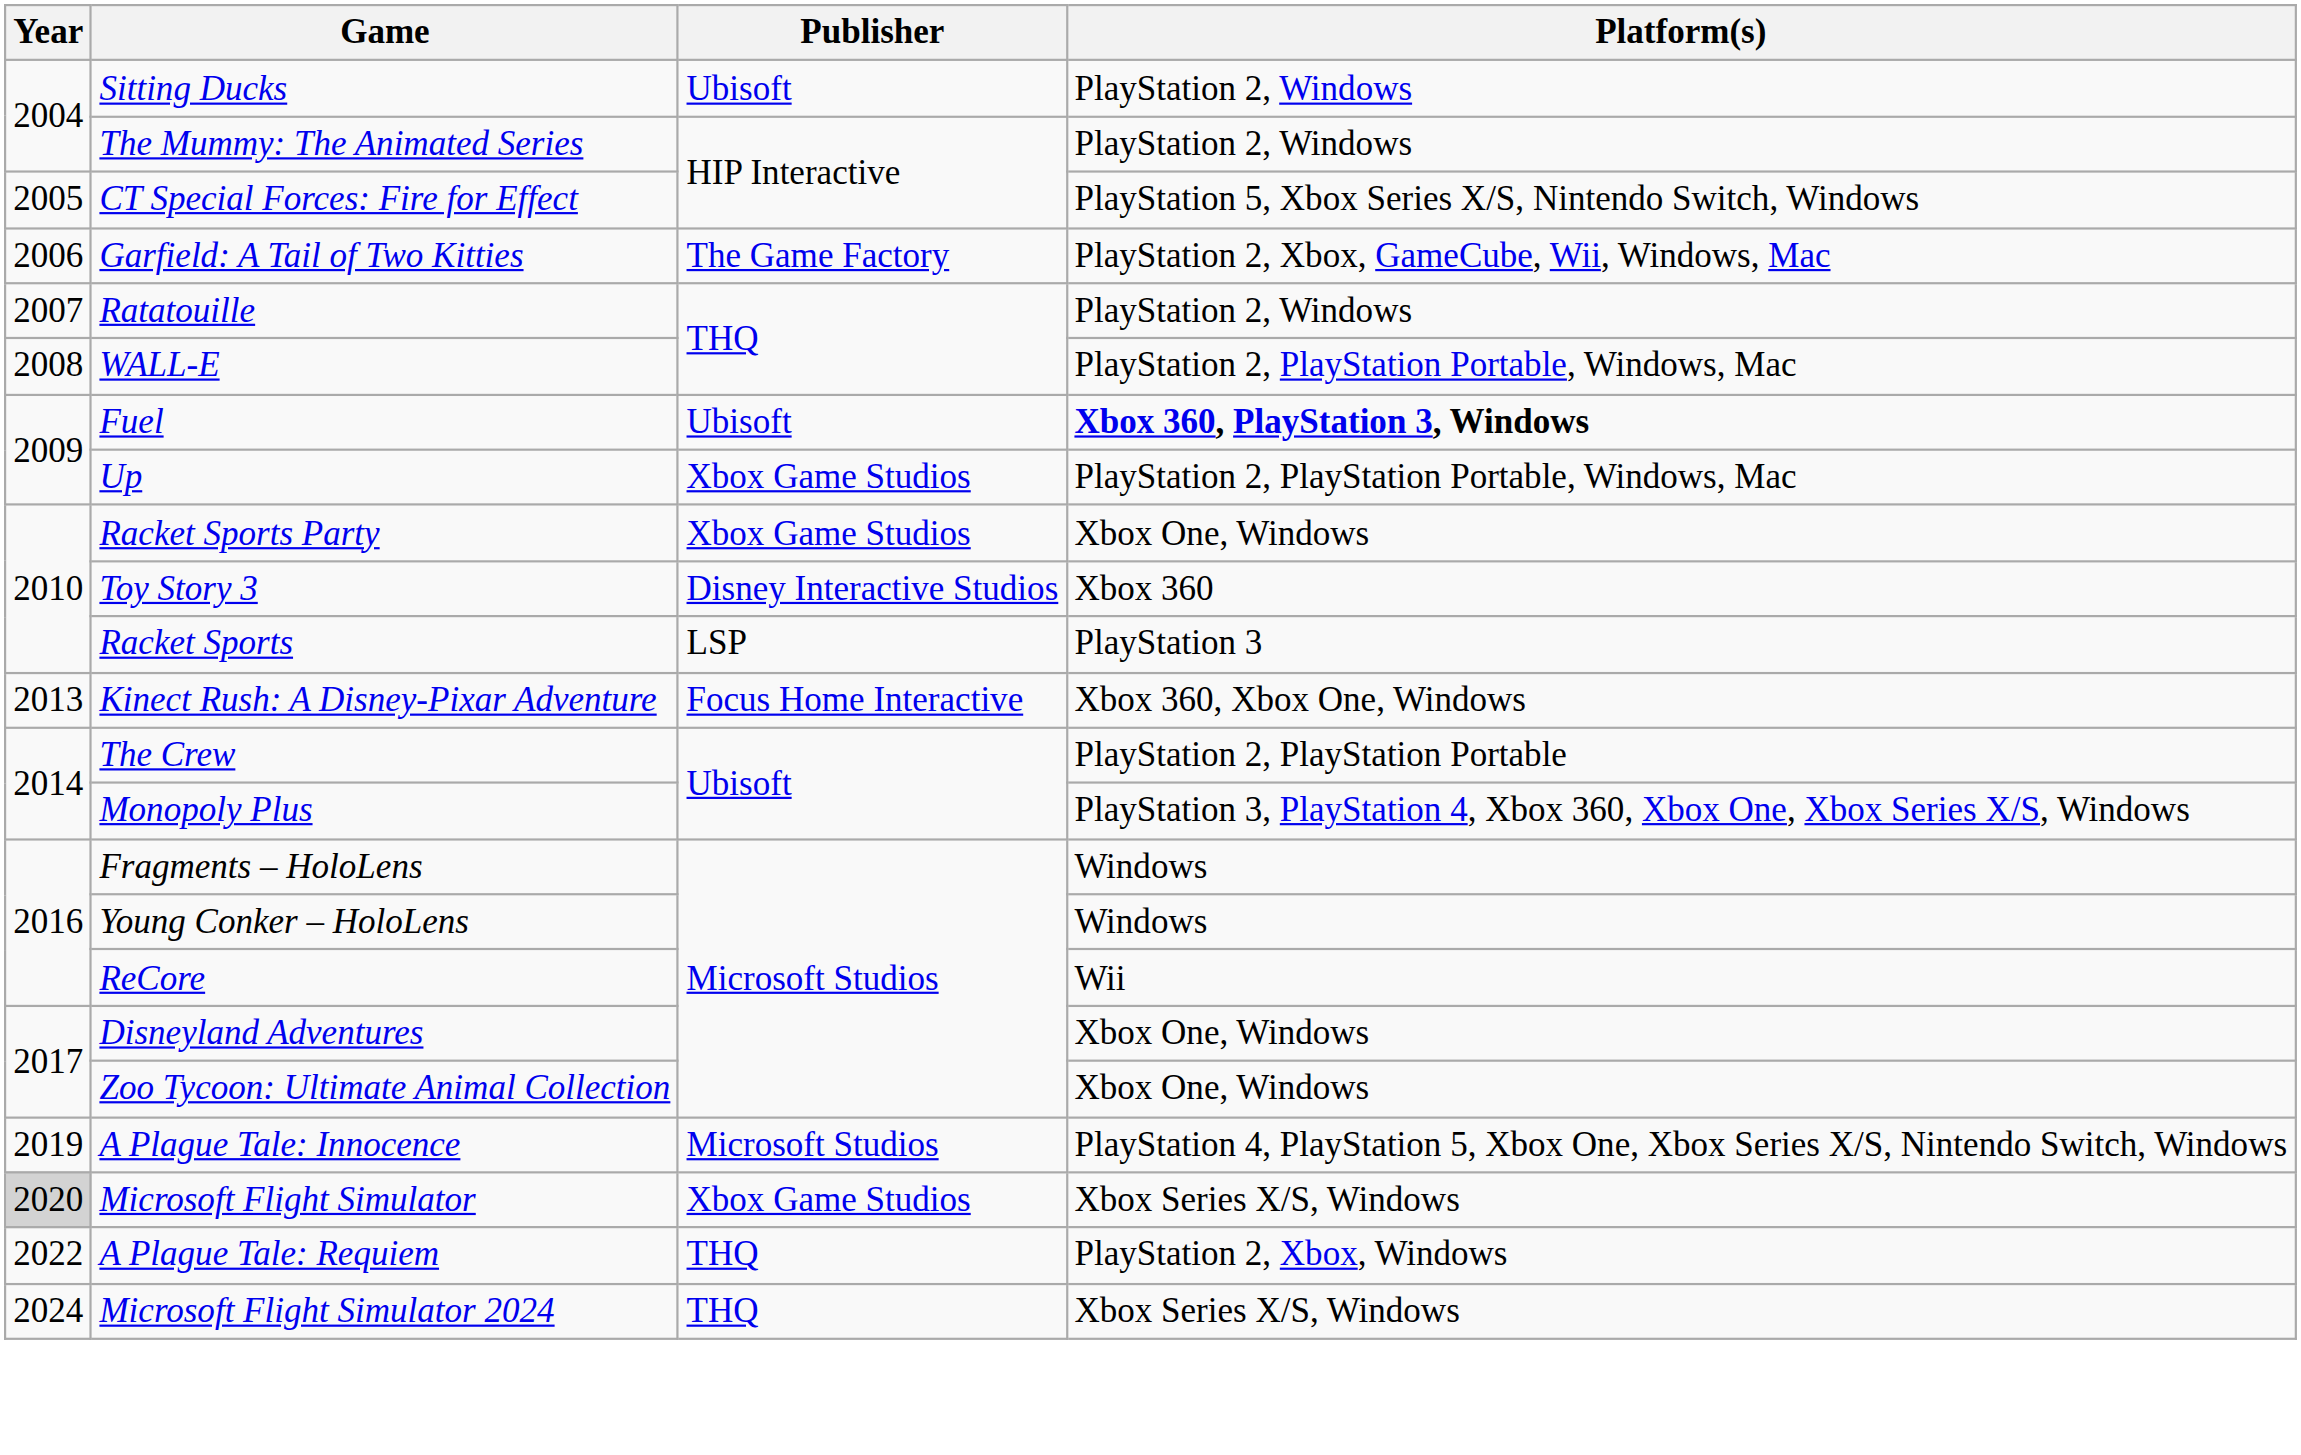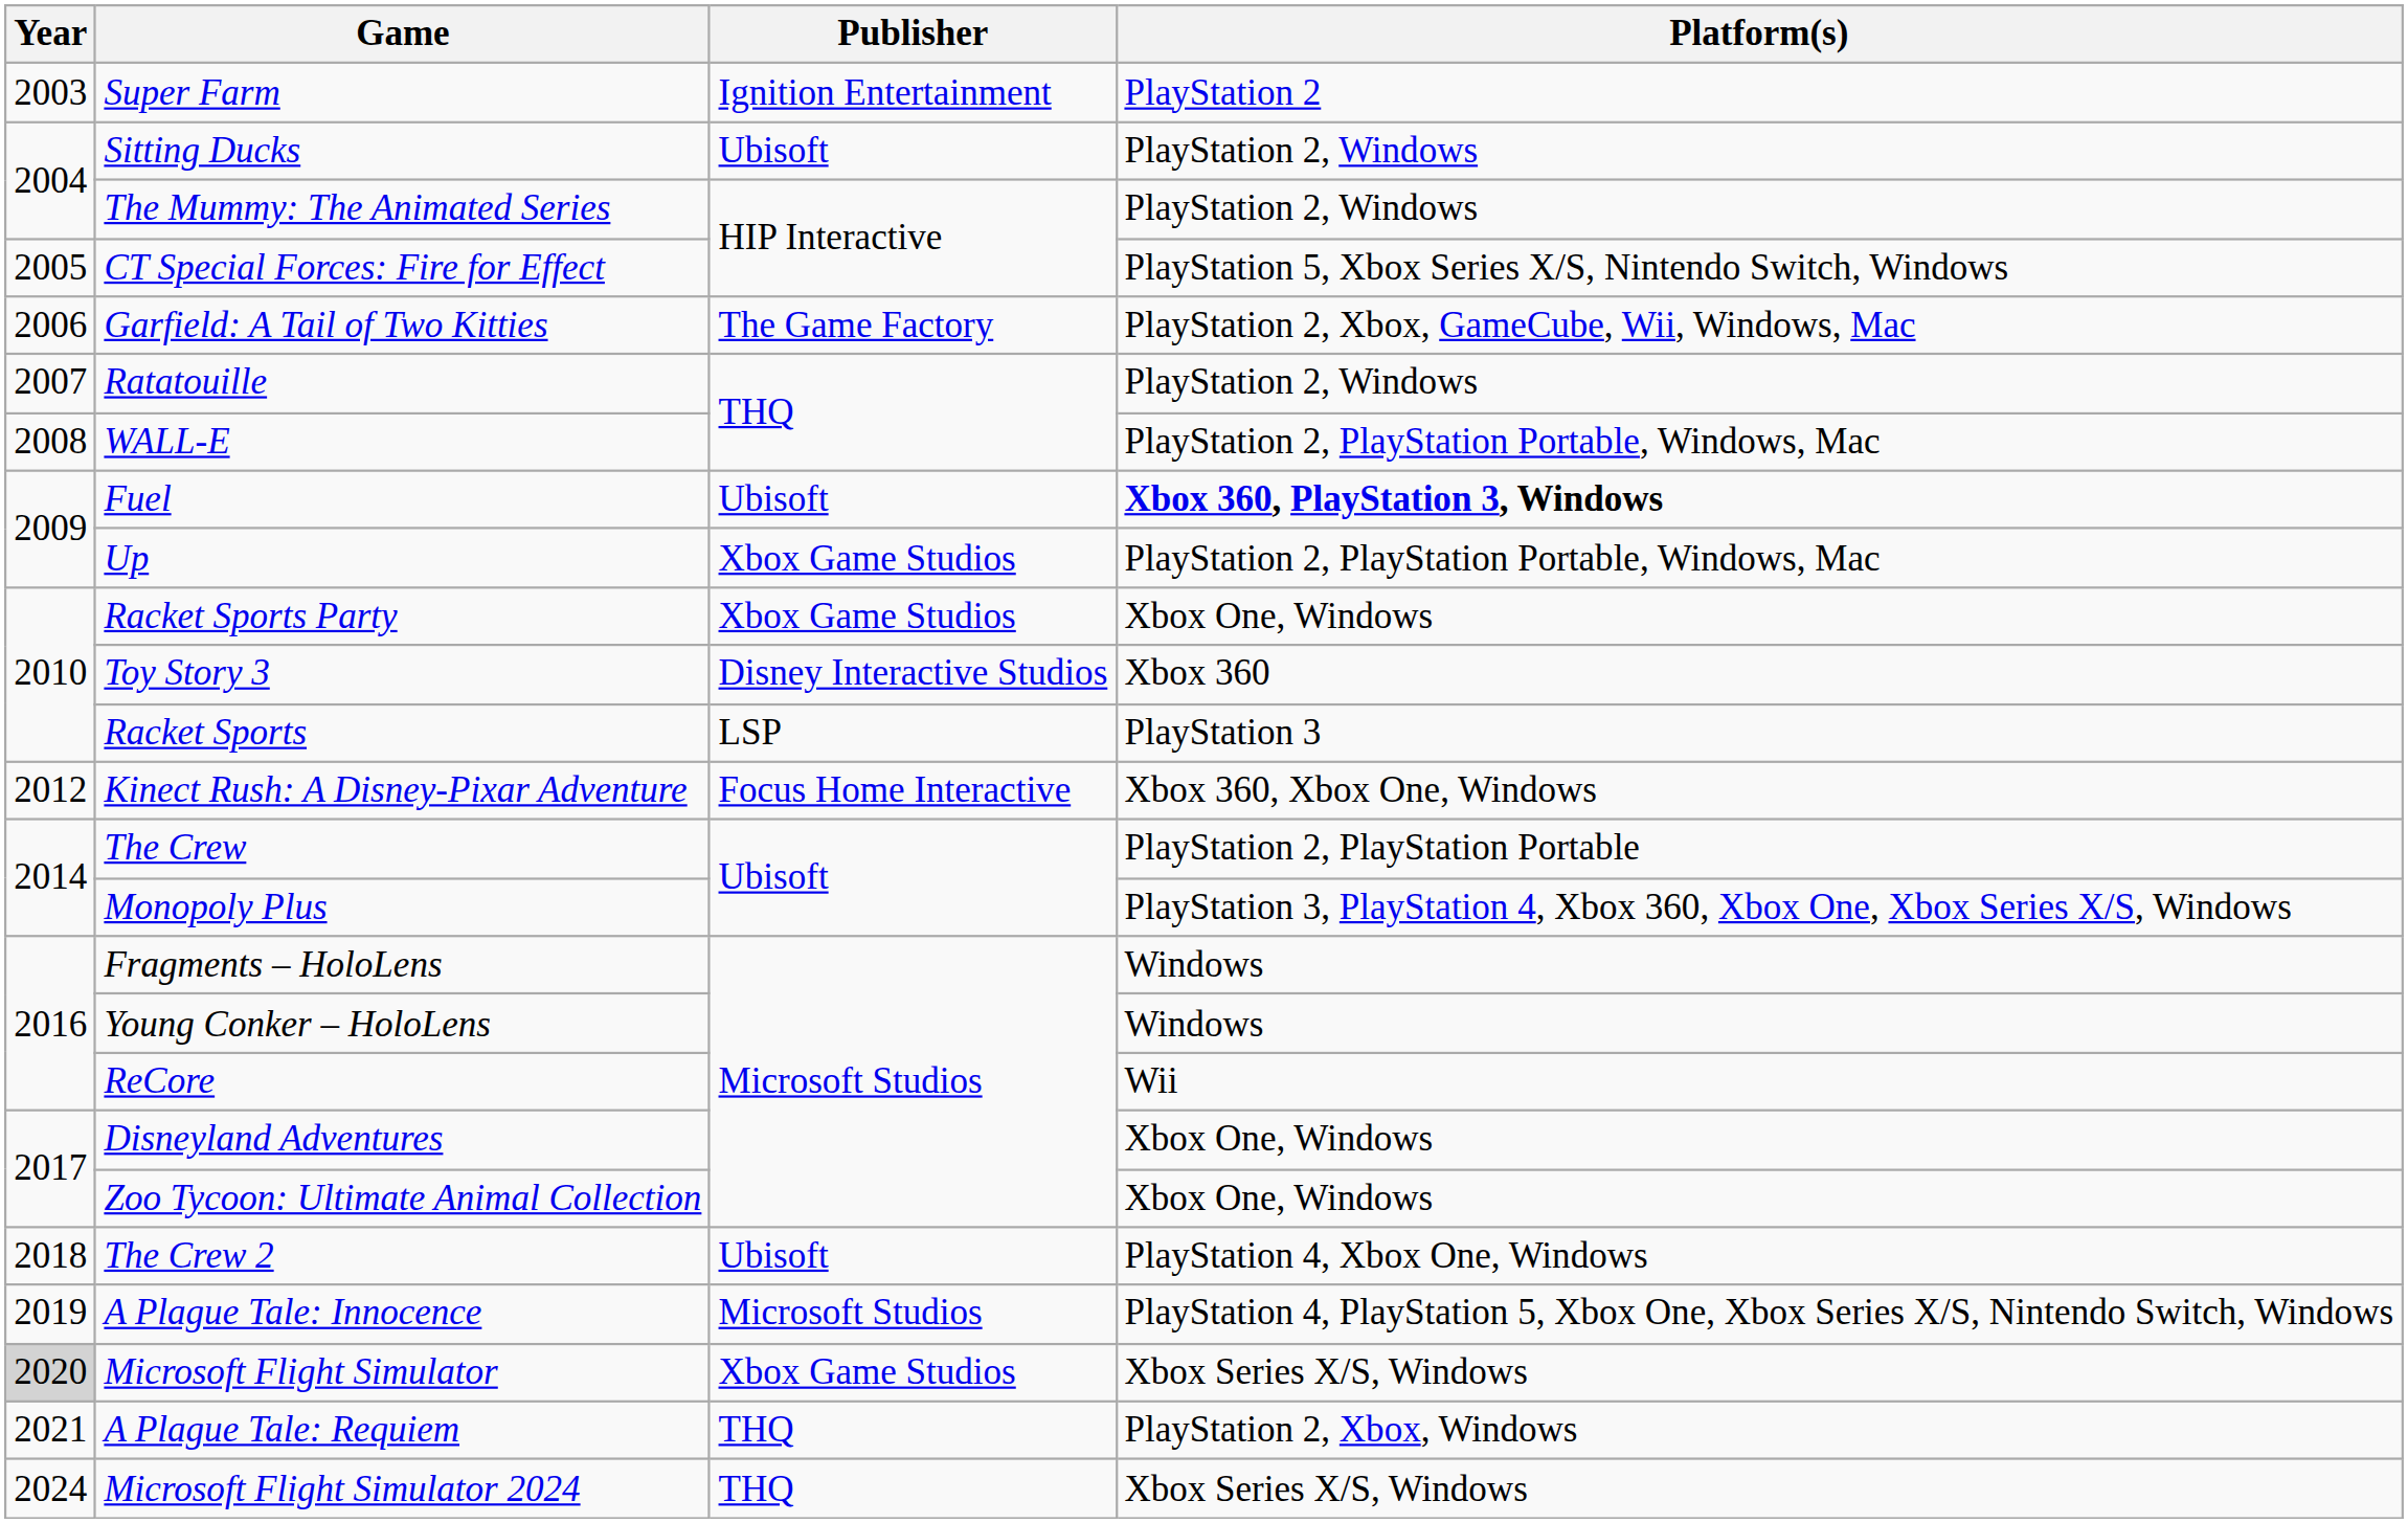 <table class="wikitable sortable">
 <tr>
 <th>Year</th>
 <th>Game</th>
 <th class="unsortable">Publisher</th>
 <th class="unsortable">Platform(s)</th>
+</tr>
+<tr>
+<td>2003</td>
+<td><em><a href='#'>Super Farm</a></em></td>
+<td><a href='#'>Ignition Entertainment</a></td>
+<td><a href='#'>PlayStation 2</a></td>
 </tr>
 <tr>
 <td rowspan="2">2004</td>
 <td><em><a href='#'>Sitting Ducks</a></em></td>
 <td><a href='#'>Ubisoft</a></td>
 <td>PlayStation 2, <a href='#'>Windows</a></td>
 </tr>
 <tr>
 <td><em><a href='#'>The Mummy: The Animated Series</a></em></td>
 <td rowspan="2">HIP Interactive</td>
 <td>PlayStation 2, Windows</td>
 </tr>
 <tr>
 <td>2005</td>
 <td><em><a href='#'>CT Special Forces: Fire for Effect</a></em></td>
 <td>PlayStation 5, Xbox Series X/S, Nintendo Switch, Windows</td>
 </tr>
 <tr>
 <td>2006</td>
 <td><em><a href='#'>Garfield: A Tail of Two Kitties</a></em></td>
 <td><a href='#'>The Game Factory</a></td>
 <td>PlayStation 2, Xbox, <a href='#'>GameCube</a>, <a href='#'>Wii</a>, Windows, <a href='#'>Mac</a></td>
 </tr>
 <tr>
 <td>2007</td>
 <td><em><a href='#'>Ratatouille</a></em></td>
 <td rowspan="2"><a href='#'>THQ</a></td>
 <td>PlayStation 2, Windows</td>
 </tr>
 <tr>
 <td>2008</td>
 <td><em><a href='#'>WALL-E</a></em></td>
 <td>PlayStation 2, <a href='#'>PlayStation Portable</a>, Windows, Mac</td>
 </tr>
 <tr>
 <td rowspan="2">2009</td>
 <td><em><a href='#'>Fuel</a></em></td>
 <td><a href='#'>Ubisoft</a></td>
 <td><strong><a href='#'>Xbox 360</a>, <a href='#'>PlayStation 3</a>, Windows</strong></td>
 </tr>
 <tr>
 <td><em><a href='#'>Up</a></em></td>
 <td><a href='#'>Xbox Game Studios</a></td>
 <td>PlayStation 2, PlayStation Portable, Windows, Mac</td>
 </tr>
 <tr>
 <td rowspan="3">2010</td>
 <td><em><a href='#'>Racket Sports Party</a></em></td>
 <td><a href='#'>Xbox Game Studios</a></td>
 <td>Xbox One, Windows</td>
 </tr>
 <tr>
 <td><em><a href='#'>Toy Story 3</a></em></td>
 <td><a href='#'>Disney Interactive Studios</a></td>
 <td>Xbox 360</td>
 </tr>
 <tr>
 <td><em><a href='#'>Racket Sports</a></em></td>
 <td>LSP</td>
 <td>PlayStation 3</td>
 </tr>
 <tr>
-<td>2013</td>
+<td>2012</td>
 <td><em><a href='#'>Kinect Rush: A Disney-Pixar Adventure</a></em></td>
 <td><a href='#'>Focus Home Interactive</a></td>
 <td>Xbox 360, Xbox One, Windows</td>
 </tr>
 <tr>
 <td rowspan="2">2014</td>
 <td><em><a href='#'>The Crew</a></em></td>
 <td rowspan="2"><a href='#'>Ubisoft</a></td>
 <td>PlayStation 2, PlayStation Portable</td>
 </tr>
 <tr>
 <td><em><a href='#'>Monopoly Plus</a></em></td>
 <td>PlayStation 3, <a href='#'>PlayStation 4</a>, Xbox 360, <a href='#'>Xbox One</a>, <a href='#'>Xbox Series X/S</a>, Windows</td>
 </tr>
 <tr>
 <td rowspan="3">2016</td>
 <td><em>Fragments – HoloLens</em></td>
 <td rowspan="5"><a href='#'>Microsoft Studios</a></td>
 <td>Windows</td>
 </tr>
 <tr>
 <td><em>Young Conker – HoloLens</em></td>
 <td>Windows</td>
 </tr>
 <tr>
 <td><em><a href='#'>ReCore</a></em></td>
 <td>Wii</td>
 </tr>
 <tr>
 <td rowspan="2">2017</td>
 <td><em><a href='#'>Disneyland Adventures</a></em></td>
 <td>Xbox One, Windows</td>
 </tr>
 <tr>
 <td><em><a href='#'>Zoo Tycoon: Ultimate Ani­mal Collection</a></em></td>
 <td>Xbox One, Windows</td>
 </tr>
 <tr>
+<td>2018</td>
+<td><em><a href='#'>The Crew 2</a></em></td>
+<td><a href='#'>Ubisoft</a></td>
+<td>PlayStation 4, Xbox One, Windows</td>
+</tr>
+<tr>
 <td>2019</td>
 <td><em><a href='#'>A Plague Tale: Innocence</a></em></td>
 <td><a href='#'>Microsoft Studios</a></td>
 <td>PlayStation 4, PlayStation 5, Xbox One, Xbox Series X/S, Nintendo Switch, Windows</td>
 </tr>
 <tr>
 <td style="background: lightgrey;">2020</td>
 <td><em><a href='#'>Microsoft Flight Simulator</a></em></td>
 <td><a href='#'>Xbox Game Studios</a></td>
 <td>Xbox Series X/S, Windows</td>
 </tr>
 <tr>
-<td>2022</td>
+<td>2021</td>
 <td><em><a href='#'>A Plague Tale: Requiem</a></em></td>
 <td><a href='#'>THQ</a></td>
 <td>PlayStation 2, <a href='#'>Xbox</a>, Windows</td>
 </tr>
 <tr>
 <td>2024</td>
 <td><em><a href='#'>Microsoft Flight Simulator 2024</a></td>
 <td><a href='#'>THQ</a></td>
 <td>Xbox Series X/S, Windows</td>
 </tr>
 </table>
